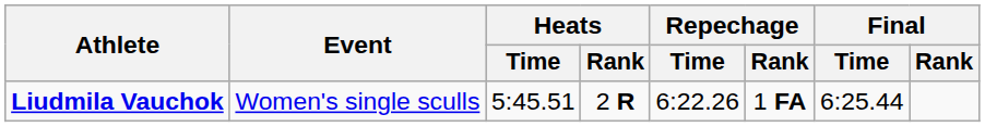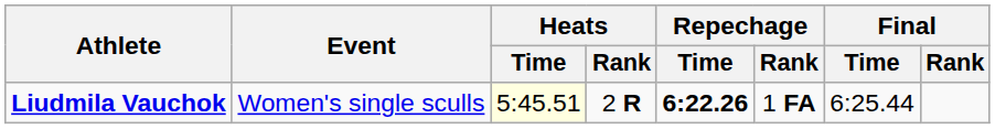 <table class="wikitable" style="font-size:90%;">
 <tr>
 <th rowspan="2">Athlete</th>
 <th rowspan="2">Event</th>
 <th colspan="2">Heats</th>
 <th colspan="2">Repechage</th>
 <th colspan="2">Final</th>
 </tr>
 <tr style="font-size:95%">
 <th>Time</th>
 <th>Rank</th>
 <th>Time</th>
 <th>Rank</th>
 <th>Time</th>
 <th>Rank</th>
 </tr>
 <tr>
 <td align=left><strong><a href='#'>Liudmila Vauchok</a></strong></td>
 <td align=left><a href='#'>Women's single sculls</a></td>
-<td align=center>5:45.51</td>
+<td align=center style="background: lightyellow;">5:45.51</td>
 <td align=center>2 <strong>R</strong></td>
-<td align=center>6:22.26</td>
+<td align=center><strong>6:22.26</strong></td>
 <td align=center>1 <strong>FA</strong></td>
 <td align=center>6:25.44</td>
 <td align=center></td>
 </tr>
 </table>
